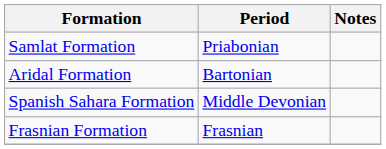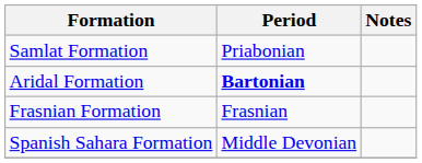 <table class="wikitable sortable">
 <tr>
 <th>Formation</th>
 <th>Period</th>
 <th class="unsortable">Notes</th>
 </tr>
 <tr>
 <td><a href='#'>Samlat Formation</a></td>
 <td style="background-color: "><a href='#'>Priabonian</a></td>
 <td align=center></td>
 </tr>
 <tr>
 <td><a href='#'>Aridal Formation</a></td>
-<td style="background-color: "><a href='#'>Bartonian</a></td>
+<td style="background-color: "><strong><a href='#'>Bartonian</a></strong></td>
+<td align=center></td>
+</tr>
+<tr>
+<td><a href='#'>Frasnian Formation</a></td>
+<td style="background-color: "><a href='#'>Frasnian</a></td>
 <td align=center></td>
 </tr>
 <tr>
 <td><a href='#'>Spanish Sahara Formation</a></td>
 <td style="background-color: "><a href='#'>Middle Devonian</a></td>
 <td align=center></td>
 </tr>
 <tr>
-<td><a href='#'>Frasnian Formation</a></td>
-<td style="background-color: "><a href='#'>Frasnian</a></td>
-<td align=center></td>
-</tr>
-<tr>
 </tr>
 </table>
